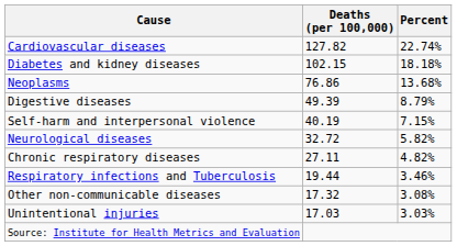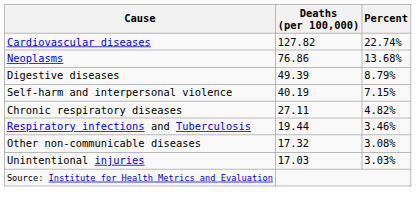 <table class="wikitable">
 <tr>
 <th>Cause</th>
 <th>Deaths<br>(per 100,000)</th>
 <th>Percent</th>
 </tr>
 <tr>
 <td><a href='#'>Cardiovascular diseases</a></td>
 <td>127.82</td>
 <td>22.74%</td>
-</tr>
-<tr>
-<td><a href='#'>Diabetes</a> and kidney diseases</td>
-<td>102.15</td>
-<td>18.18%</td>
 </tr>
 <tr>
 <td><a href='#'>Neoplasms</a></td>
 <td>76.86</td>
 <td>13.68%</td>
 </tr>
 <tr>
 <td>Digestive diseases</td>
 <td>49.39</td>
 <td>8.79%</td>
 </tr>
 <tr>
 <td>Self-harm and interpersonal violence</td>
 <td>40.19</td>
 <td>7.15%</td>
-</tr>
-<tr>
-<td><a href='#'>Neurological diseases</a></td>
-<td>32.72</td>
-<td>5.82%</td>
 </tr>
 <tr>
 <td>Chronic respiratory diseases</td>
 <td>27.11</td>
 <td>4.82%</td>
 </tr>
 <tr>
 <td><a href='#'>Respiratory infections</a> and <a href='#'>Tuberculosis</a></td>
 <td>19.44</td>
 <td>3.46%</td>
 </tr>
 <tr>
 <td>Other non-communicable diseases</td>
 <td>17.32</td>
 <td>3.08%</td>
 </tr>
 <tr>
 <td>Unintentional <a href='#'>injuries</a></td>
 <td>17.03</td>
 <td>3.03%</td>
 </tr>
 <tr>
 <td style="caption-side:bottom;"><small>Source: <a href='#'>Institute for Health Metrics and Evaluation</a></small> </td>
 </tr>
 </table>
